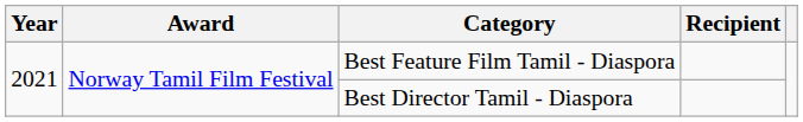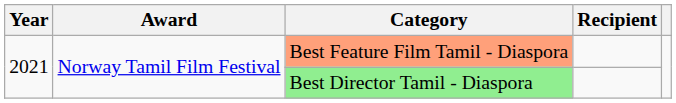 <table class="wikitable">
 <tr>
 <th>Year</th>
 <th>Award</th>
 <th>Category</th>
 <th>Recipient</th>
 <th></th>
 </tr>
 <tr>
 <td rowspan="2">2021</td>
 <td rowspan="2"><a href='#'>Norway Tamil Film Festival</a></td>
-<td>Best Feature Film Tamil - Diaspora</td>
+<td style="background: lightsalmon;">Best Feature Film Tamil - Diaspora</td>
 <td></td>
 <td rowspan="2"></td>
 </tr>
 <tr>
-<td>Best Director Tamil - Diaspora</td>
+<td style="background: lightgreen;">Best Director Tamil - Diaspora</td>
 <td></td>
 </tr>
 </table>
